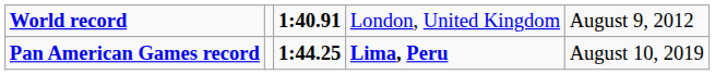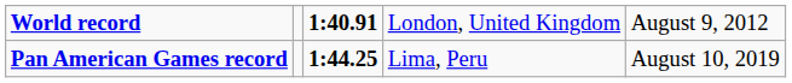 <table class="wikitable">
 <tr>
 <td><strong><a href='#'>World record</a></strong></td>
 <td></td>
 <td><strong>1:40.91</strong></td>
 <td><a href='#'>London</a>, <a href='#'>United Kingdom</a></td>
 <td>August 9, 2012</td>
 </tr>
 <tr>
 <td><strong><a href='#'>Pan American Games record</a></strong></td>
 <td></td>
 <td><strong>1:44.25</strong></td>
-<td><strong><a href='#'>Lima</a>, <a href='#'>Peru</a></strong></td>
+<td><a href='#'>Lima</a>, <a href='#'>Peru</a></td>
 <td>August 10, 2019</td>
 </tr>
 </table>
